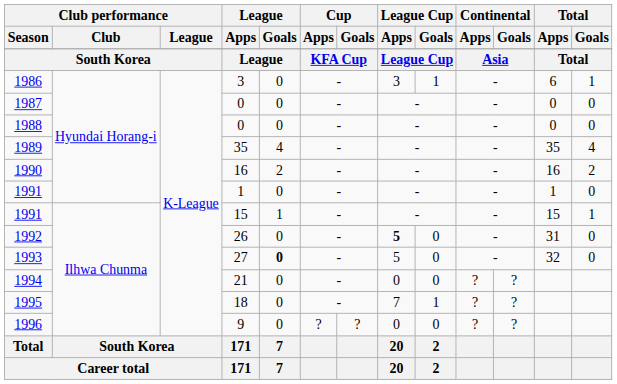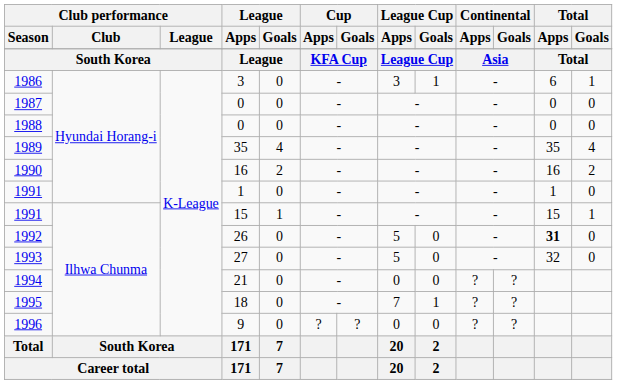 <table class="wikitable" style="text-align:center">
 <tr>
 <th colspan=3>Club performance</th>
 <th colspan=2>League</th>
 <th colspan=2>Cup</th>
 <th colspan=2>League Cup</th>
 <th colspan=2>Continental</th>
 <th colspan=2>Total</th>
 </tr>
 <tr>
 <th>Season</th>
 <th>Club</th>
 <th>League</th>
 <th>Apps</th>
 <th>Goals</th>
 <th>Apps</th>
 <th>Goals</th>
 <th>Apps</th>
 <th>Goals</th>
 <th>Apps</th>
 <th>Goals</th>
 <th>Apps</th>
 <th>Goals</th>
 </tr>
 <tr>
 </tr>
 <tr>
 <th colspan=3>South Korea</th>
 <th colspan=2>League</th>
 <th colspan=2><a href='#'>KFA Cup</a></th>
 <th colspan=2><a href='#'>League Cup</a></th>
 <th colspan=2><a href='#'>Asia</a></th>
 <th colspan=2>Total</th>
 </tr>
 <tr>
 <td><a href='#'>1986</a></td>
 <td rowspan="6"><a href='#'>Hyundai Horang-i</a></td>
 <td rowspan="12"><a href='#'>K-League</a></td>
 <td>3</td>
 <td>0</td>
 <td colspan="2">-</td>
 <td>3</td>
 <td>1</td>
 <td colspan="2">-</td>
 <td>6</td>
 <td>1</td>
 </tr>
 <tr>
 <td><a href='#'>1987</a></td>
 <td>0</td>
 <td>0</td>
 <td colspan="2">-</td>
 <td colspan="2">-</td>
 <td colspan="2">-</td>
 <td>0</td>
 <td>0</td>
 </tr>
 <tr>
 <td><a href='#'>1988</a></td>
 <td>0</td>
 <td>0</td>
 <td colspan="2">-</td>
 <td colspan="2">-</td>
 <td colspan="2">-</td>
 <td>0</td>
 <td>0</td>
 </tr>
 <tr>
 <td><a href='#'>1989</a></td>
 <td>35</td>
 <td>4</td>
 <td colspan="2">-</td>
 <td colspan="2">-</td>
 <td colspan="2">-</td>
 <td>35</td>
 <td>4</td>
 </tr>
 <tr>
 <td><a href='#'>1990</a></td>
 <td>16</td>
 <td>2</td>
 <td colspan="2">-</td>
 <td colspan="2">-</td>
 <td colspan="2">-</td>
 <td>16</td>
 <td>2</td>
 </tr>
 <tr>
 <td><a href='#'>1991</a></td>
 <td>1</td>
 <td>0</td>
 <td colspan="2">-</td>
 <td colspan="2">-</td>
 <td colspan="2">-</td>
 <td>1</td>
 <td>0</td>
 </tr>
 <tr>
 <td><a href='#'>1991</a></td>
 <td rowspan="6"><a href='#'>Ilhwa Chunma</a></td>
 <td>15</td>
 <td>1</td>
 <td colspan="2">-</td>
 <td colspan="2">-</td>
 <td colspan="2">-</td>
 <td>15</td>
 <td>1</td>
 </tr>
 <tr>
 <td><a href='#'>1992</a></td>
 <td>26</td>
 <td>0</td>
 <td colspan="2">-</td>
-<td><strong>5</strong></td>
+<td>5</td>
 <td>0</td>
 <td colspan="2">-</td>
-<td>31</td>
+<td><strong>31</strong></td>
 <td>0</td>
 </tr>
 <tr>
 <td><a href='#'>1993</a></td>
 <td>27</td>
-<td><strong>0</strong></td>
+<td>0</td>
 <td colspan="2">-</td>
 <td>5</td>
 <td>0</td>
 <td colspan="2">-</td>
 <td>32</td>
 <td>0</td>
 </tr>
 <tr>
 <td><a href='#'>1994</a></td>
 <td>21</td>
 <td>0</td>
 <td colspan="2">-</td>
 <td>0</td>
 <td>0</td>
 <td>?</td>
 <td>?</td>
 <td></td>
 <td></td>
 </tr>
 <tr>
 <td><a href='#'>1995</a></td>
 <td>18</td>
 <td>0</td>
 <td colspan="2">-</td>
 <td>7</td>
 <td>1</td>
 <td>?</td>
 <td>?</td>
 <td></td>
 <td></td>
 </tr>
 <tr>
 <td><a href='#'>1996</a></td>
 <td>9</td>
 <td>0</td>
 <td>?</td>
 <td>?</td>
 <td>0</td>
 <td>0</td>
 <td>?</td>
 <td>?</td>
 <td></td>
 <td></td>
 </tr>
 <tr>
 <th rowspan=1>Total</th>
 <th colspan=2>South Korea</th>
 <th>171</th>
 <th>7</th>
 <th></th>
 <th></th>
 <th>20</th>
 <th>2</th>
 <th></th>
 <th></th>
 <th></th>
 <th></th>
 </tr>
 <tr>
 <th colspan=3>Career total</th>
 <th>171</th>
 <th>7</th>
 <th></th>
 <th></th>
 <th>20</th>
 <th>2</th>
 <th></th>
 <th></th>
 <th></th>
 <th></th>
 </tr>
 </table>
